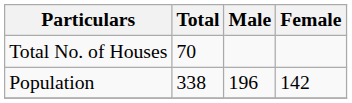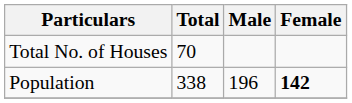 <table class="wikitable sortable">
 <tr>
 <th>Particulars</th>
 <th>Total</th>
 <th>Male</th>
 <th>Female</th>
 </tr>
 <tr>
 <td>Total No. of Houses</td>
 <td>70</td>
 <td></td>
 <td></td>
 </tr>
 <tr>
 <td>Population</td>
 <td>338</td>
 <td>196</td>
-<td>142</td>
+<td><strong>142</strong></td>
 </tr>
 <tr>
 </tr>
 </table>
